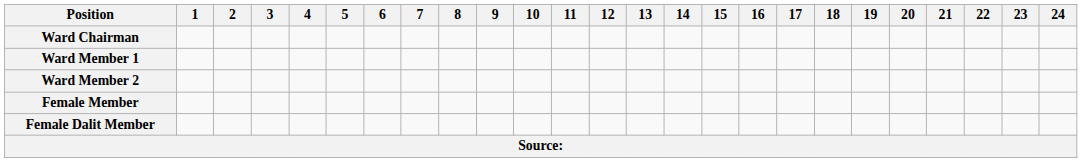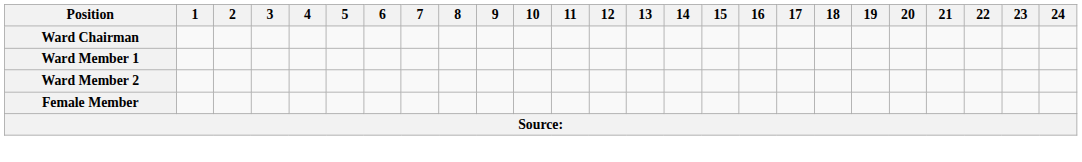 <table class="wikitable">
 <tr>
 <th style="width:500pt;">Position</th>
 <th width="3.5%">1</th>
 <th width="3.5%">2</th>
 <th width="3.5%">3</th>
 <th width="3.5%">4</th>
 <th width="3.5%">5</th>
 <th width="3.5%">6</th>
 <th width="3.5%">7</th>
 <th width="3.5%">8</th>
 <th width="3.5%">9</th>
 <th width="3.5%">10</th>
 <th width="3.5%">11</th>
 <th width="3.5%">12</th>
 <th width="3.5%">13</th>
 <th width="3.5%">14</th>
 <th width="3.5%">15</th>
 <th width="3.5%">16</th>
 <th width="3.5%">17</th>
 <th width="3.5%">18</th>
 <th width="3.5%">19</th>
 <th width="3.5%">20</th>
 <th width="3.5%">21</th>
 <th width="3.5%">22</th>
 <th width="3.5%">23</th>
 <th width="3.5%">24</th>
 </tr>
 <tr>
 <th>Ward Chairman</th>
 <td style="background-color:"></td>
 <td style="background-color:"></td>
 <td style="background-color:"></td>
 <td></td>
 <td style="background-color:"></td>
 <td style="background-color:"></td>
 <td style="background-color:"></td>
 <td style="background-color:"></td>
 <td></td>
 <td></td>
 <td></td>
 <td style="background-color:"></td>
 <td style="background-color:"></td>
 <td style="background-color:"></td>
 <td></td>
 <td style="background-color:"></td>
 <td style="background-color:"></td>
 <td style="background-color:"></td>
 <td></td>
 <td style="background-color:"></td>
 <td style="background-color:"></td>
 <td style="background-color:"></td>
 <td style="background-color:"></td>
 <td style="background-color:"></td>
 </tr>
 <tr>
 <th>Ward Member 1</th>
 <td style="background-color:"></td>
 <td style="background-color:"></td>
 <td style="background-color:"></td>
 <td></td>
 <td style="background-color:"></td>
 <td style="background-color:"></td>
 <td style="background-color:"></td>
 <td style="background-color:"></td>
 <td></td>
 <td></td>
 <td></td>
 <td style="background-color:"></td>
 <td style="background-color:"></td>
 <td style="background-color:"></td>
 <td></td>
 <td style="background-color:"></td>
 <td style="background-color:"></td>
 <td style="background-color:"></td>
 <td></td>
 <td style="background-color:"></td>
 <td style="background-color:"></td>
 <td style="background-color:"></td>
 <td style="background-color:"></td>
 <td style="background-color:"></td>
 </tr>
 <tr>
 <th>Ward Member 2</th>
 <td style="background-color:"></td>
 <td style="background-color:"></td>
 <td style="background-color:"></td>
 <td style="background-color:"></td>
 <td style="background-color:"></td>
 <td style="background-color:"></td>
 <td style="background-color:"></td>
 <td style="background-color:"></td>
 <td></td>
 <td></td>
 <td style="background-color:"></td>
 <td style="background-color:"></td>
 <td style="background-color:"></td>
 <td style="background-color:"></td>
 <td></td>
 <td style="background-color:"></td>
 <td style="background-color:"></td>
 <td style="background-color:"></td>
 <td></td>
 <td style="background-color:"></td>
 <td style="background-color:"></td>
 <td style="background-color:"></td>
 <td style="background-color:"></td>
 <td style="background-color:"></td>
 </tr>
 <tr>
 <th>Female Member</th>
 <td style="background-color:"></td>
 <td style="background-color:"></td>
 <td style="background-color:"></td>
 <td></td>
 <td style="background-color:"></td>
 <td style="background-color:"></td>
 <td style="background-color:"></td>
 <td style="background-color:"></td>
 <td></td>
 <td></td>
 <td></td>
 <td style="background-color:"></td>
 <td style="background-color:"></td>
 <td style="background-color:"></td>
 <td></td>
 <td style="background-color:"></td>
 <td style="background-color:"></td>
 <td style="background-color:"></td>
 <td></td>
 <td style="background-color:"></td>
 <td style="background-color:"></td>
 <td style="background-color:"></td>
 <td style="background-color:"></td>
 <td style="background-color:"></td>
 </tr>
 <tr>
-<th>Female Dalit Member</th>
-<td style="background-color:"></td>
-<td style="background-color:"></td>
-<td style="background-color:"></td>
-<td></td>
-<td style="background-color:"></td>
-<td style="background-color:"></td>
-<td style="background-color:"></td>
-<td style="background-color:"></td>
-<td></td>
-<td></td>
-<td></td>
-<td style="background-color:"></td>
-<td style="background-color:"></td>
-<td style="background-color:"></td>
-<td></td>
-<td style="background-color:"></td>
-<td style="background-color:"></td>
-<td style="background-color:"></td>
-<td></td>
-<td style="background-color:"></td>
-<td style="background-color:"></td>
-<td style="background-color:"></td>
-<td style="background-color:"></td>
-<td style="background-color:"></td>
-</tr>
-<tr>
 <th colspan="25">Source: </th>
 </tr>
 </table>
